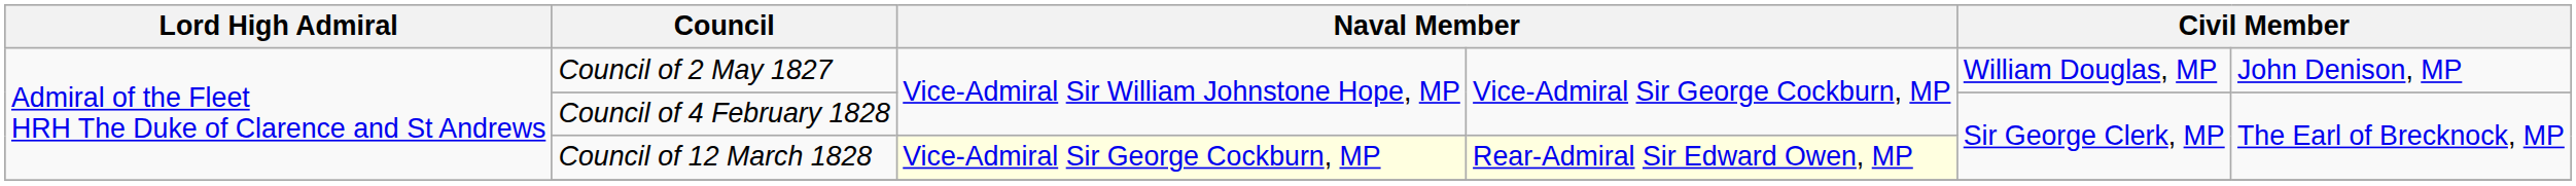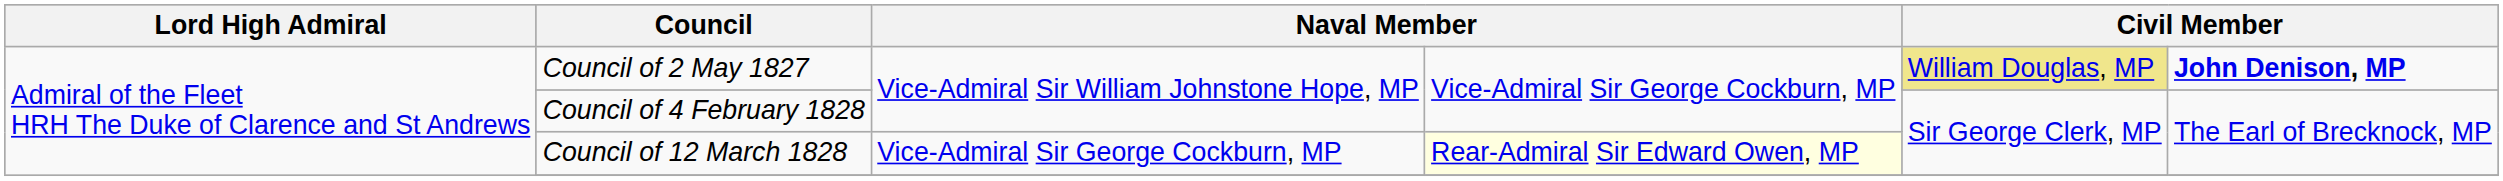 <table class="wikitable">
 <tr>
 <th>Lord High Admiral</th>
 <th>Council</th>
 <th colspan=2>Naval Member</th>
 <th colspan=2>Civil Member</th>
 </tr>
 <tr>
 <td rowspan=12><a href='#'>Admiral of the Fleet</a><br><a href='#'>HRH The Duke of Clarence and St Andrews</a></td>
 <td><em>Council of 2 May 1827</em></td>
 <td rowspan=2><a href='#'>Vice-Admiral</a> <a href='#'>Sir William Johnstone Hope</a>, <a href='#'>MP</a></td>
 <td rowspan=2><a href='#'>Vice-Admiral</a> <a href='#'>Sir George Cockburn</a>, <a href='#'>MP</a></td>
-<td><a href='#'>William Douglas</a>, <a href='#'>MP</a></td>
-<td><a href='#'>John Denison</a>, <a href='#'>MP</a></td>
+<td style="background: khaki;"><a href='#'>William Douglas</a>, <a href='#'>MP</a></td>
+<td><strong><a href='#'>John Denison</a>, <a href='#'>MP</a></strong></td>
 </tr>
 <tr>
 <td><em>Council of 4 February 1828</em></td>
 <td rowspan=2><a href='#'>Sir George Clerk</a>, <a href='#'>MP</a></td>
 <td rowspan=2><a href='#'>The Earl of Brecknock</a>, <a href='#'>MP</a></td>
 </tr>
 <tr>
 <td><em>Council of 12 March 1828</em></td>
-<td style="background: lightyellow;"><a href='#'>Vice-Admiral</a> <a href='#'>Sir George Cockburn</a>, <a href='#'>MP</a></td>
+<td><a href='#'>Vice-Admiral</a> <a href='#'>Sir George Cockburn</a>, <a href='#'>MP</a></td>
 <td style="background: lightyellow;"><a href='#'>Rear-Admiral</a> <a href='#'>Sir Edward Owen</a>, <a href='#'>MP</a></td>
 </tr>
 <tr>
 </tr>
 </table>
